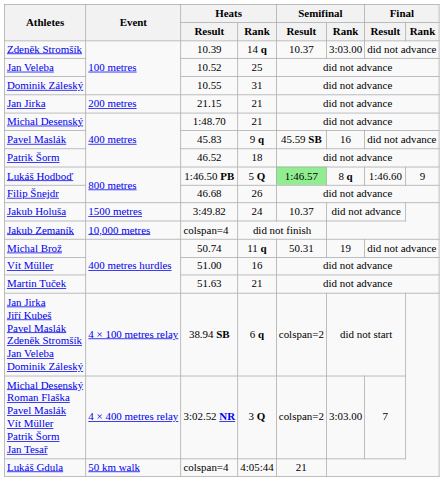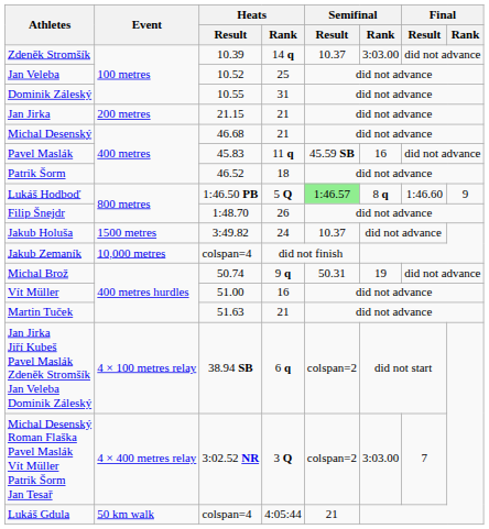 <table class="wikitable" border="1" style="font-size:90%">
 <tr>
 <th rowspan="2">Athletes</th>
 <th rowspan="2">Event</th>
 <th colspan="2">Heats</th>
 <th colspan="2">Semifinal</th>
 <th colspan="2">Final</th>
 </tr>
 <tr>
 <th>Result</th>
 <th>Rank</th>
 <th>Result</th>
 <th>Rank</th>
 <th>Result</th>
 <th>Rank</th>
 </tr>
 <tr>
 <td><a href='#'>Zdeněk Stromšík</a></td>
 <td rowspan=3><a href='#'>100 metres</a></td>
 <td align=center>10.39</td>
 <td align=center>14 <strong>q</strong></td>
 <td align=center>10.37</td>
 <td align=center>3:03.00</td>
 <td align=center colspan=2>did not advance</td>
 </tr>
 <tr>
 <td><a href='#'>Jan Veleba</a></td>
 <td align=center>10.52</td>
 <td align=center>25</td>
 <td align=center colspan=4>did not advance</td>
 </tr>
 <tr>
 <td><a href='#'>Dominik Záleský</a></td>
 <td align=center>10.55</td>
 <td align=center>31</td>
 <td align=center colspan=4>did not advance</td>
 </tr>
 <tr>
 <td><a href='#'>Jan Jirka</a></td>
 <td><a href='#'>200 metres</a></td>
 <td align=center>21.15</td>
 <td align=center>21</td>
 <td align=center colspan=4>did not advance</td>
 </tr>
 <tr>
 <td><a href='#'>Michal Desenský</a></td>
 <td rowspan=3><a href='#'>400 metres</a></td>
-<td align=center>1:48.70</td>
+<td align=center>46.68</td>
 <td align=center>21</td>
 <td align=center colspan=4>did not advance</td>
 </tr>
 <tr>
 <td><a href='#'>Pavel Maslák</a></td>
 <td align=center>45.83</td>
-<td align=center>9 <strong>q</strong></td>
+<td align=center>11 <strong>q</strong></td>
 <td align=center>45.59 <strong>SB</strong></td>
 <td align=center>16</td>
 <td align=center colspan=2>did not advance</td>
 </tr>
 <tr>
 <td><a href='#'>Patrik Šorm</a></td>
 <td align=center>46.52</td>
 <td align=center>18</td>
 <td align=center colspan=4>did not advance</td>
 </tr>
 <tr>
 <td><a href='#'>Lukáš Hodboď</a></td>
 <td rowspan=2><a href='#'>800 metres</a></td>
 <td align=center>1:46.50 <strong>PB</strong></td>
 <td align=center>5 <strong>Q</strong></td>
 <td align=center style="background: lightgreen;">1:46.57</td>
 <td align=center>8 <strong>q</strong></td>
 <td align=center>1:46.60</td>
 <td align=center>9</td>
 </tr>
 <tr>
 <td><a href='#'>Filip Šnejdr</a></td>
-<td align=center>46.68</td>
+<td align=center>1:48.70</td>
 <td align=center>26</td>
 <td align=center colspan=4>did not advance</td>
 </tr>
 <tr>
 <td><a href='#'>Jakub Holuša</a></td>
 <td><a href='#'>1500 metres</a></td>
 <td align=center>3:49.82</td>
 <td align=center>24</td>
 <td align=center>10.37</td>
 <td align=center colspan=2>did not advance</td>
 </tr>
 <tr>
 <td><a href='#'>Jakub Zemaník</a></td>
 <td><a href='#'>10,000 metres</a></td>
 <td>colspan=4</td>
 <td align=center colspan=2>did not finish</td>
 </tr>
 <tr>
 <td><a href='#'>Michal Brož</a></td>
 <td rowspan=3><a href='#'>400 metres hurdles</a></td>
 <td align=center>50.74</td>
-<td align=center>11 <strong>q</strong></td>
+<td align=center>9 <strong>q</strong></td>
 <td align=center>50.31</td>
 <td align=center>19</td>
 <td align=center colspan=2>did not advance</td>
 </tr>
 <tr>
 <td><a href='#'>Vít Müller</a></td>
 <td align=center>51.00</td>
 <td align=center>16</td>
 <td align=center colspan=4>did not advance</td>
 </tr>
 <tr>
 <td><a href='#'>Martin Tuček</a></td>
 <td align=center>51.63</td>
 <td align=center>21</td>
 <td align=center colspan=4>did not advance</td>
 </tr>
 <tr>
 <td><a href='#'>Jan Jirka</a><br><a href='#'>Jiří Kubeš</a><br><a href='#'>Pavel Maslák</a><br><a href='#'>Zdeněk Stromšík</a><br><a href='#'>Jan Veleba</a><br><a href='#'>Dominik Záleský</a></td>
 <td><a href='#'>4 × 100 metres relay</a></td>
 <td align=center>38.94 <strong>SB</strong></td>
 <td align=center>6 <strong>q</strong></td>
 <td>colspan=2</td>
 <td align=center colspan=2>did not start</td>
 </tr>
 <tr>
 <td><a href='#'>Michal Desenský</a><br><a href='#'>Roman Flaška</a><br><a href='#'>Pavel Maslák</a><br><a href='#'>Vít Müller</a><br><a href='#'>Patrik Šorm</a><br><a href='#'>Jan Tesař</a></td>
 <td><a href='#'>4 × 400 metres relay</a></td>
 <td align=center>3:02.52 <strong><a href='#'>NR</a></strong></td>
 <td align=center>3 <strong>Q</strong></td>
 <td>colspan=2</td>
 <td align=center>3:03.00</td>
 <td align=center>7</td>
 </tr>
 <tr>
 <td><a href='#'>Lukáš Gdula</a></td>
 <td><a href='#'>50 km walk</a></td>
 <td>colspan=4</td>
 <td align=center>4:05:44</td>
 <td align=center>21</td>
 </tr>
 </table>
